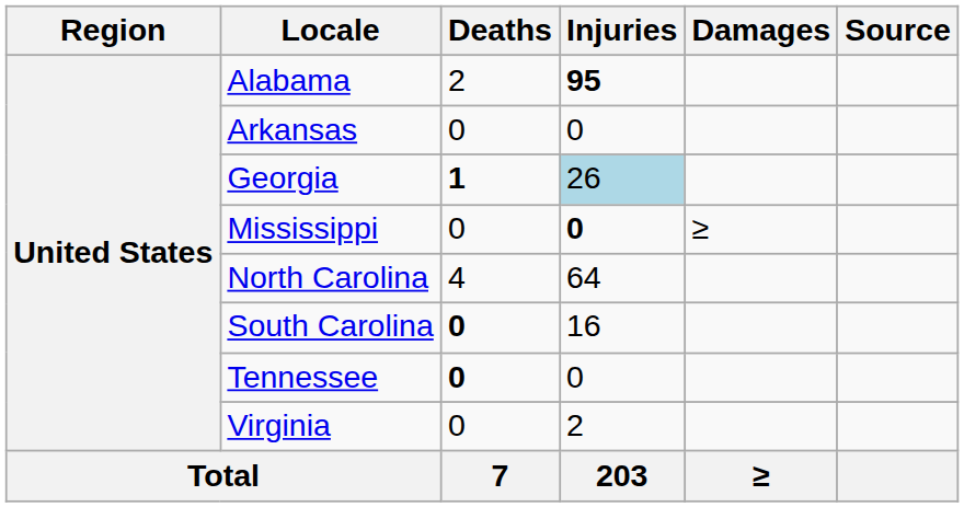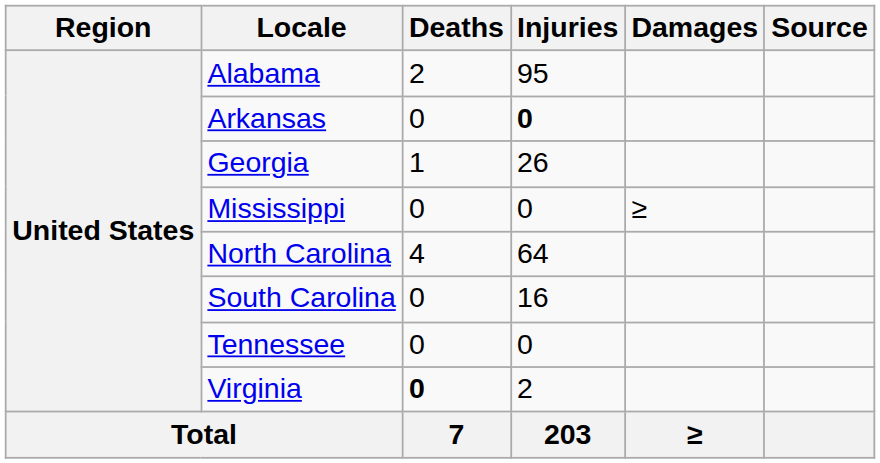 <table class="wikitable"  style="float:left; margin:10px;">
 <tr>
 <th>Region</th>
 <th>Locale</th>
 <th>Deaths</th>
 <th>Injuries</th>
 <th>Damages</th>
 <th>Source</th>
 </tr>
 <tr>
 <th rowspan="8">United States</th>
 <td rowspan="1"><a href='#'>Alabama</a></td>
 <td>2</td>
-<td><strong>95</strong></td>
+<td>95</td>
 <td></td>
 <td></td>
 </tr>
 <tr>
 <td rowspan="1"><a href='#'>Arkansas</a></td>
 <td>0</td>
-<td>0</td>
+<td><strong>0</strong></td>
 <td></td>
 <td></td>
 </tr>
 <tr>
 <td rowspan="1"><a href='#'>Georgia</a></td>
-<td><strong>1</strong></td>
-<td style="background: lightblue;">26</td>
+<td>1</td>
+<td>26</td>
 <td></td>
 <td></td>
 </tr>
 <tr>
 <td rowspan="1"><a href='#'>Mississippi</a></td>
 <td>0</td>
-<td><strong>0</strong></td>
+<td>0</td>
 <td>≥ </td>
 <td></td>
 </tr>
 <tr>
 <td rowspan="1"><a href='#'>North Carolina</a></td>
 <td>4</td>
 <td>64</td>
 <td></td>
 <td></td>
 </tr>
 <tr>
 <td rowspan="1"><a href='#'>South Carolina</a></td>
-<td><strong>0</strong></td>
+<td>0</td>
 <td>16</td>
 <td></td>
 <td></td>
 </tr>
 <tr>
 <td rowspan="1"><a href='#'>Tennessee</a></td>
-<td><strong>0</strong></td>
+<td>0</td>
 <td>0</td>
 <td></td>
 <td></td>
 </tr>
 <tr>
 <td rowspan="1"><a href='#'>Virginia</a></td>
-<td>0</td>
+<td><strong>0</strong></td>
 <td>2</td>
 <td></td>
 <td></td>
 </tr>
 <tr>
 <th colspan="2">Total</th>
 <th colspan="">7</th>
 <th colspan="">203</th>
 <th colspan="">≥ </th>
 <th colspan=""></th>
 </tr>
 </table>
